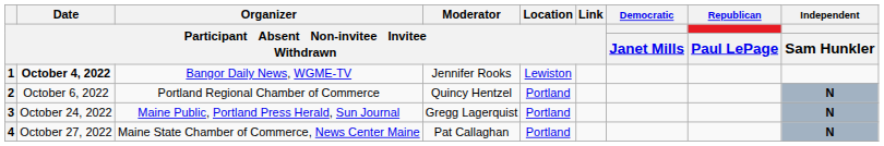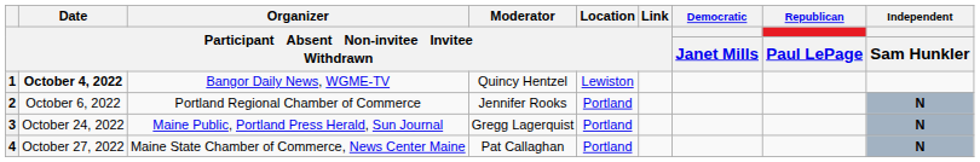 <table class="wikitable"  style="text-align:center;">
 <tr style="font-size:small;">
 <th scope="col"></th>
 <th scope="col">Date</th>
 <th scope="col">Organizer</th>
 <th scope="col">Moderator</th>
 <th scope="col">Location</th>
 <th scope="col">Link</th>
 <th scope="col"><small><a href='#'>Democratic</a></small></th>
 <th scope="col"><small><a href='#'>Republican</a></small></th>
 <th scope="col"><small>Independent</small></th>
 </tr>
 <tr>
 <th colspan="6" rowspan="2"> <small>Participant  </small> <small>Absent  </small> <small>Non-invitee  </small> <small>Invitee</small><br><small> Withdrawn</small></th>
 <th scope="col" style="background:"></th>
 <th scope="col" style="background:#E81B23;"></th>
 <th scope="col" style="background:"></th>
 </tr>
 <tr>
 <th scope="col"><a href='#'>Janet Mills</a></th>
 <th scope="col"><a href='#'>Paul LePage</a></th>
 <th scope="col">Sam Hunkler</th>
 </tr>
 <tr style="font-size:small;">
 <th>1</th>
 <td><strong>October 4, 2022</strong></td>
 <td><a href='#'>Bangor Daily News</a>, <a href='#'>WGME-TV</a></td>
-<td>Jennifer Rooks</td>
+<td>Quincy Hentzel</td>
 <td><a href='#'>Lewiston</a></td>
 <td></td>
 <td></td>
 <td></td>
 <td></td>
 </tr>
 <tr style="font-size:small;">
 <th>2</th>
 <td>October 6, 2022</td>
 <td>Portland Regional Chamber of Commerce</td>
-<td>Quincy Hentzel</td>
+<td>Jennifer Rooks</td>
 <td><a href='#'>Portland</a></td>
 <td></td>
 <td></td>
 <td></td>
 <td style="background:#A2B2C2;"><strong>N</strong></td>
 </tr>
 <tr style="font-size:small;">
 <th>3</th>
 <td>October 24, 2022</td>
 <td><a href='#'>Maine Public</a>, <a href='#'>Portland Press Herald</a>, <a href='#'>Sun Journal</a></td>
 <td>Gregg Lagerquist</td>
 <td><a href='#'>Portland</a></td>
 <td></td>
 <td></td>
 <td></td>
 <td style="background:#A2B2C2;"><strong>N</strong></td>
 </tr>
 <tr style="font-size:small;">
 <th>4</th>
 <td>October 27, 2022</td>
 <td>Maine State Chamber of Commerce, <a href='#'>News Center Maine</a></td>
 <td>Pat Callaghan</td>
 <td><a href='#'>Portland</a></td>
 <td></td>
 <td></td>
 <td></td>
 <td style="background:#A2B2C2;"><strong>N</strong></td>
 </tr>
 </table>
